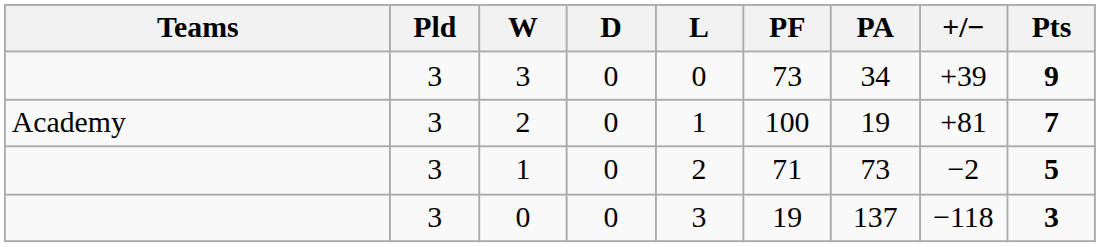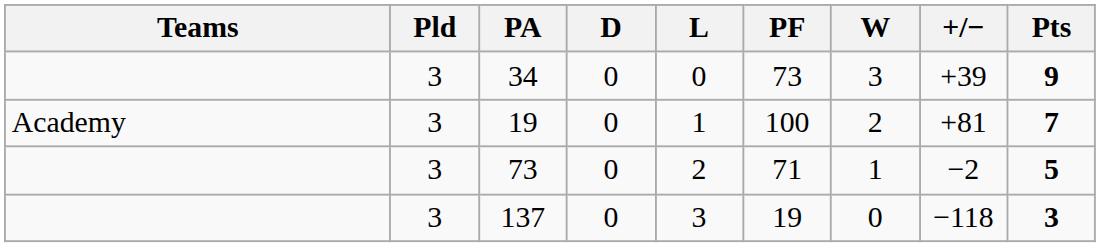 <table class="wikitable" style="text-align: center;">
 <tr>
 <th width="200">Teams</th>
 <th width="40">Pld</th>
-<th width="40">W</th>
+<th width="40">PA</th>
 <th width="40">D</th>
 <th width="40">L</th>
 <th width="40">PF</th>
-<th width="40">PA</th>
+<th width="40">W</th>
 <th width="40">+/−</th>
 <th width="40">Pts</th>
 </tr>
 <tr>
 <td align=left></td>
 <td>3</td>
-<td>3</td>
+<td>34</td>
 <td>0</td>
 <td>0</td>
 <td>73</td>
-<td>34</td>
+<td>3</td>
 <td>+39</td>
 <td><strong>9</strong></td>
 </tr>
 <tr>
 <td align=left> Academy</td>
 <td>3</td>
-<td>2</td>
+<td>19</td>
 <td>0</td>
 <td>1</td>
 <td>100</td>
-<td>19</td>
+<td>2</td>
 <td>+81</td>
 <td><strong>7</strong></td>
 </tr>
 <tr>
 <td align=left></td>
 <td>3</td>
-<td>1</td>
+<td>73</td>
 <td>0</td>
 <td>2</td>
 <td>71</td>
-<td>73</td>
+<td>1</td>
 <td>−2</td>
 <td><strong>5</strong></td>
 </tr>
 <tr>
 <td align=left></td>
 <td>3</td>
-<td>0</td>
+<td>137</td>
 <td>0</td>
 <td>3</td>
 <td>19</td>
-<td>137</td>
+<td>0</td>
 <td>−118</td>
 <td><strong>3</strong></td>
 </tr>
 </table>
